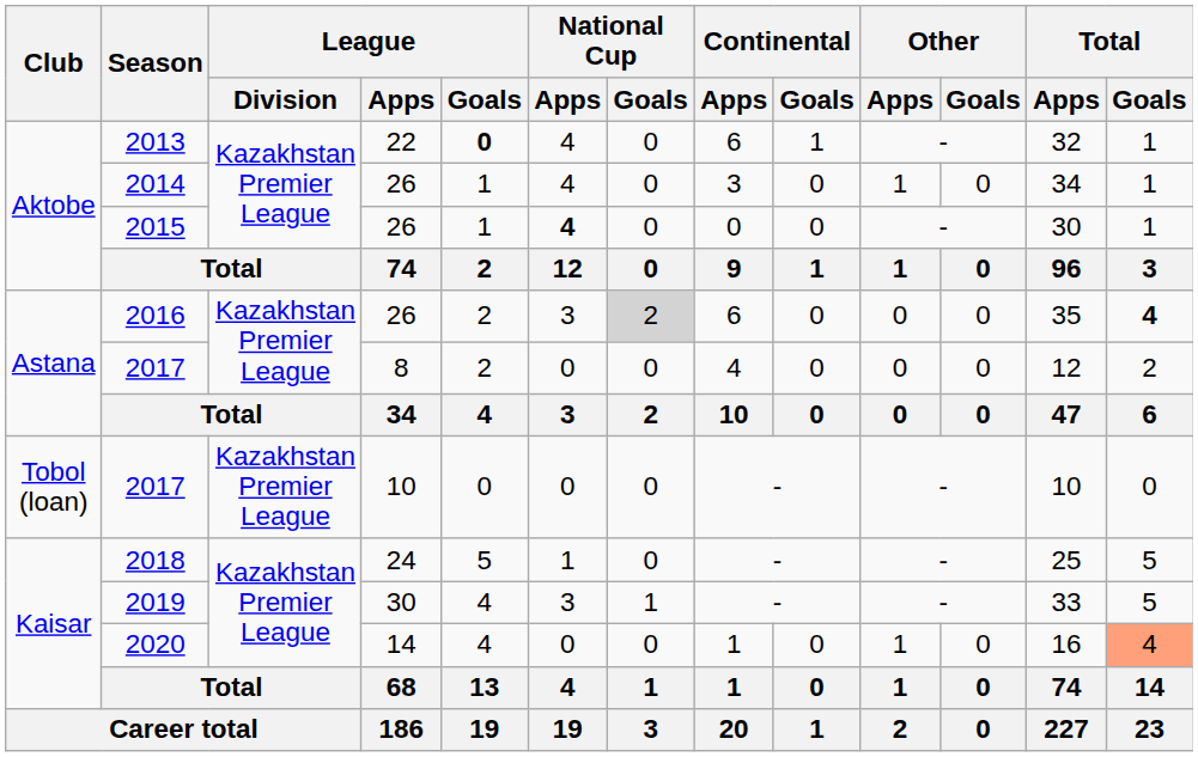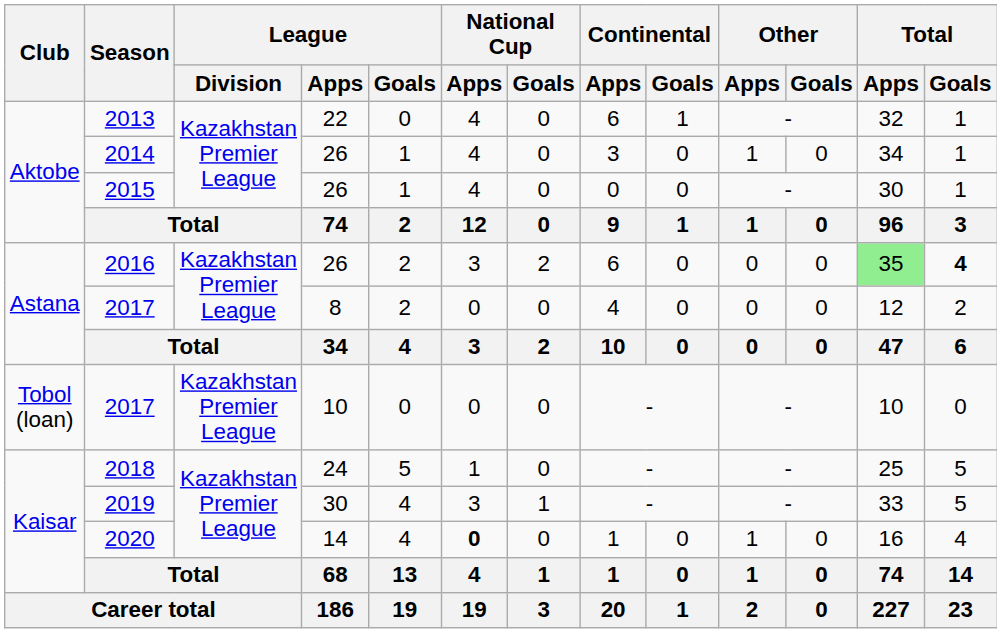 <table class="wikitable" style="text-align: center;">
 <tr>
 <th rowspan="2">Club</th>
 <th rowspan="2">Season</th>
 <th colspan="3">League</th>
 <th colspan="2">National Cup</th>
 <th colspan="2">Continental</th>
 <th colspan="2">Other</th>
 <th colspan="2">Total</th>
 </tr>
 <tr>
 <th>Division</th>
 <th>Apps</th>
 <th>Goals</th>
 <th>Apps</th>
 <th>Goals</th>
 <th>Apps</th>
 <th>Goals</th>
 <th>Apps</th>
 <th>Goals</th>
 <th>Apps</th>
 <th>Goals</th>
 </tr>
 <tr>
 <td rowspan="4" valign="center"><a href='#'>Aktobe</a></td>
 <td><a href='#'>2013</a></td>
 <td rowspan="3" valign="center"><a href='#'>Kazakhstan Premier League</a></td>
 <td>22</td>
-<td><strong>0</strong></td>
+<td>0</td>
 <td>4</td>
 <td>0</td>
 <td>6</td>
 <td>1</td>
 <td colspan="2">-</td>
 <td>32</td>
 <td>1</td>
 </tr>
 <tr>
 <td><a href='#'>2014</a></td>
 <td>26</td>
 <td>1</td>
 <td>4</td>
 <td>0</td>
 <td>3</td>
 <td>0</td>
 <td>1</td>
 <td>0</td>
 <td>34</td>
 <td>1</td>
 </tr>
 <tr>
 <td><a href='#'>2015</a></td>
 <td>26</td>
 <td>1</td>
-<td><strong>4</strong></td>
+<td>4</td>
 <td>0</td>
 <td>0</td>
 <td>0</td>
 <td colspan="2">-</td>
 <td>30</td>
 <td>1</td>
 </tr>
 <tr>
 <th colspan="2">Total</th>
 <th>74</th>
 <th>2</th>
 <th>12</th>
 <th>0</th>
 <th>9</th>
 <th>1</th>
 <th>1</th>
 <th>0</th>
 <th>96</th>
 <th>3</th>
 </tr>
 <tr>
 <td rowspan="3" valign="center"><a href='#'>Astana</a></td>
 <td><a href='#'>2016</a></td>
 <td rowspan="2" valign="center"><a href='#'>Kazakhstan Premier League</a></td>
 <td>26</td>
 <td>2</td>
 <td>3</td>
-<td style="background: lightgrey;">2</td>
+<td>2</td>
 <td>6</td>
 <td>0</td>
 <td>0</td>
 <td>0</td>
-<td>35</td>
+<td style="background: lightgreen;">35</td>
 <td><strong>4</strong></td>
 </tr>
 <tr>
 <td><a href='#'>2017</a></td>
 <td>8</td>
 <td>2</td>
 <td>0</td>
 <td>0</td>
 <td>4</td>
 <td>0</td>
 <td>0</td>
 <td>0</td>
 <td>12</td>
 <td>2</td>
 </tr>
 <tr>
 <th colspan="2">Total</th>
 <th>34</th>
 <th>4</th>
 <th>3</th>
 <th>2</th>
 <th>10</th>
 <th>0</th>
 <th>0</th>
 <th>0</th>
 <th>47</th>
 <th>6</th>
 </tr>
 <tr>
 <td valign="center"><a href='#'>Tobol</a> (loan)</td>
 <td><a href='#'>2017</a></td>
 <td rowspan="1" valign="center"><a href='#'>Kazakhstan Premier League</a></td>
 <td>10</td>
 <td>0</td>
 <td>0</td>
 <td>0</td>
 <td colspan="2">-</td>
 <td colspan="2">-</td>
 <td>10</td>
 <td>0</td>
 </tr>
 <tr>
 <td rowspan="4" valign="center"><a href='#'>Kaisar</a></td>
 <td><a href='#'>2018</a></td>
 <td rowspan="3" valign="center"><a href='#'>Kazakhstan Premier League</a></td>
 <td>24</td>
 <td>5</td>
 <td>1</td>
 <td>0</td>
 <td colspan="2">-</td>
 <td colspan="2">-</td>
 <td>25</td>
 <td>5</td>
 </tr>
 <tr>
 <td><a href='#'>2019</a></td>
 <td>30</td>
 <td>4</td>
 <td>3</td>
 <td>1</td>
 <td colspan="2">-</td>
 <td colspan="2">-</td>
 <td>33</td>
 <td>5</td>
 </tr>
 <tr>
 <td><a href='#'>2020</a></td>
 <td>14</td>
 <td>4</td>
-<td>0</td>
+<td><strong>0</strong></td>
 <td>0</td>
 <td>1</td>
 <td>0</td>
 <td>1</td>
 <td>0</td>
 <td>16</td>
-<td style="background: lightsalmon;">4</td>
+<td>4</td>
 </tr>
 <tr>
 <th colspan="2">Total</th>
 <th>68</th>
 <th>13</th>
 <th>4</th>
 <th>1</th>
 <th>1</th>
 <th>0</th>
 <th>1</th>
 <th>0</th>
 <th>74</th>
 <th>14</th>
 </tr>
 <tr>
 <th colspan="3">Career total</th>
 <th>186</th>
 <th>19</th>
 <th>19</th>
 <th>3</th>
 <th>20</th>
 <th>1</th>
 <th>2</th>
 <th>0</th>
 <th>227</th>
 <th>23</th>
 </tr>
 </table>
